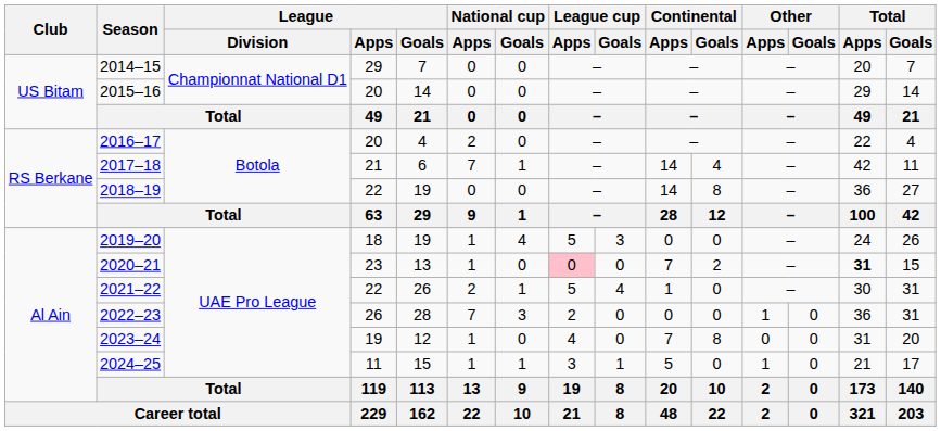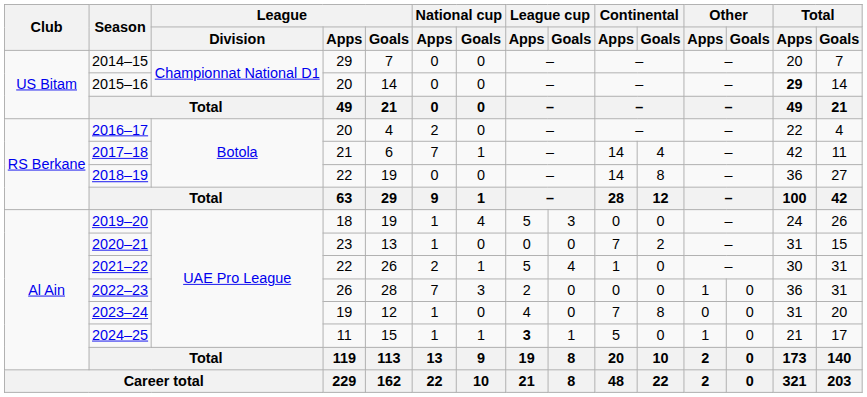 <table class="wikitable" style="text-align: center;">
 <tr>
 <th rowspan="2">Club</th>
 <th rowspan="2">Season</th>
 <th colspan="3">League</th>
 <th colspan="2">National cup</th>
 <th colspan="2">League cup</th>
 <th colspan="2">Continental</th>
 <th colspan="2">Other</th>
 <th colspan="2">Total</th>
 </tr>
 <tr>
 <th>Division</th>
 <th>Apps</th>
 <th>Goals</th>
 <th>Apps</th>
 <th>Goals</th>
 <th>Apps</th>
 <th>Goals</th>
 <th>Apps</th>
 <th>Goals</th>
 <th>Apps</th>
 <th>Goals</th>
 <th>Apps</th>
 <th>Goals</th>
 </tr>
 <tr>
 <td rowspan="3"><a href='#'>US Bitam</a></td>
 <td 2014–15 Gabon Championnat National D1>2014–15</td>
 <td rowspan="2"><a href='#'>Championnat National D1</a></td>
 <td>29</td>
 <td>7</td>
 <td>0</td>
 <td>0</td>
 <td colspan="2">–</td>
 <td colspan="2">–</td>
 <td colspan="2">–</td>
 <td>20</td>
 <td>7</td>
 </tr>
 <tr>
 <td 2015–16 Gabon Championnat National D1>2015–16</td>
 <td>20</td>
 <td>14</td>
 <td>0</td>
 <td>0</td>
 <td colspan="2">–</td>
 <td colspan="2">–</td>
 <td colspan="2">–</td>
-<td>29</td>
+<td><strong>29</strong></td>
 <td>14</td>
 </tr>
 <tr>
 <th colspan="2">Total</th>
 <th>49</th>
 <th>21</th>
 <th>0</th>
 <th>0</th>
 <th colspan="2">–</th>
 <th colspan="2">–</th>
 <th colspan="2">–</th>
 <th>49</th>
 <th>21</th>
 </tr>
 <tr>
 <td rowspan="4"><a href='#'>RS Berkane</a></td>
 <td><a href='#'>2016–17</a></td>
 <td rowspan="3"><a href='#'>Botola</a></td>
 <td>20</td>
 <td>4</td>
 <td>2</td>
 <td>0</td>
 <td colspan="2">–</td>
 <td colspan="2">–</td>
 <td colspan="2">–</td>
 <td>22</td>
 <td>4</td>
 </tr>
 <tr>
 <td><a href='#'>2017–18</a></td>
 <td>21</td>
 <td>6</td>
 <td>7</td>
 <td>1</td>
 <td colspan="2">–</td>
 <td>14</td>
 <td>4</td>
 <td colspan="2">–</td>
 <td>42</td>
 <td>11</td>
 </tr>
 <tr>
 <td><a href='#'>2018–19</a></td>
 <td>22</td>
 <td>19</td>
 <td>0</td>
 <td>0</td>
 <td colspan="2">–</td>
 <td>14</td>
 <td>8</td>
 <td colspan="2">–</td>
 <td>36</td>
 <td>27</td>
 </tr>
 <tr>
 <th colspan="2">Total</th>
 <th>63</th>
 <th>29</th>
 <th>9</th>
 <th>1</th>
 <th colspan="2">–</th>
 <th>28</th>
 <th>12</th>
 <th colspan="2">–</th>
 <th>100</th>
 <th>42</th>
 </tr>
 <tr>
 <td rowspan="7"><a href='#'>Al Ain</a></td>
 <td><a href='#'>2019–20</a></td>
 <td rowspan="6"><a href='#'>UAE Pro League</a></td>
 <td>18</td>
 <td>19</td>
 <td>1</td>
 <td>4</td>
 <td>5</td>
 <td>3</td>
 <td>0</td>
 <td>0</td>
 <td colspan="2">–</td>
 <td>24</td>
 <td>26</td>
 </tr>
 <tr>
 <td><a href='#'>2020–21</a></td>
 <td>23</td>
 <td>13</td>
 <td>1</td>
 <td>0</td>
-<td style="background: pink;">0</td>
+<td>0</td>
 <td>0</td>
 <td>7</td>
 <td>2</td>
 <td colspan="2">–</td>
-<td><strong>31</strong></td>
+<td>31</td>
 <td>15</td>
 </tr>
 <tr>
 <td><a href='#'>2021–22</a></td>
 <td>22</td>
 <td>26</td>
 <td>2</td>
 <td>1</td>
 <td>5</td>
 <td>4</td>
 <td>1</td>
 <td>0</td>
 <td colspan="2">–</td>
 <td>30</td>
 <td>31</td>
 </tr>
 <tr>
 <td><a href='#'>2022–23</a></td>
 <td>26</td>
 <td>28</td>
 <td>7</td>
 <td>3</td>
 <td>2</td>
 <td>0</td>
 <td>0</td>
 <td>0</td>
 <td>1</td>
 <td>0</td>
 <td>36</td>
 <td>31</td>
 </tr>
 <tr>
 <td><a href='#'>2023–24</a></td>
 <td>19</td>
 <td>12</td>
 <td>1</td>
 <td>0</td>
 <td>4</td>
 <td>0</td>
 <td>7</td>
 <td>8</td>
 <td>0</td>
 <td>0</td>
 <td>31</td>
 <td>20</td>
 </tr>
 <tr>
 <td><a href='#'>2024–25</a></td>
 <td>11</td>
 <td>15</td>
 <td>1</td>
 <td>1</td>
-<td>3</td>
+<td><strong>3</strong></td>
 <td>1</td>
 <td>5</td>
 <td>0</td>
 <td>1</td>
 <td>0</td>
 <td>21</td>
 <td>17</td>
 </tr>
 <tr>
 <th colspan="2">Total</th>
 <th>119</th>
 <th>113</th>
 <th>13</th>
 <th>9</th>
 <th>19</th>
 <th>8</th>
 <th>20</th>
 <th>10</th>
 <th>2</th>
 <th>0</th>
 <th>173</th>
 <th>140</th>
 </tr>
 <tr>
 <th colspan="3">Career total</th>
 <th>229</th>
 <th>162</th>
 <th>22</th>
 <th>10</th>
 <th>21</th>
 <th>8</th>
 <th>48</th>
 <th>22</th>
 <th>2</th>
 <th>0</th>
 <th>321</th>
 <th>203</th>
 </tr>
 </table>
